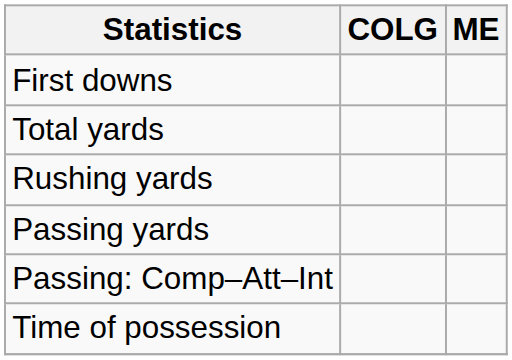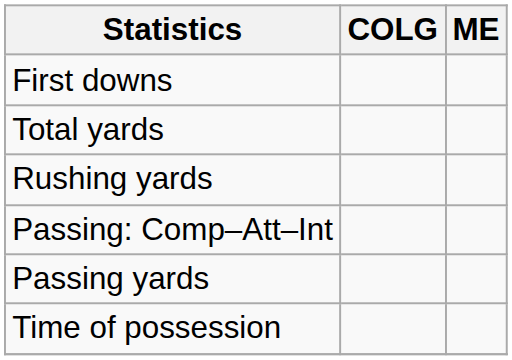 <table class="wikitable" style="float: left;">
 <tr>
 <th>Statistics</th>
 <th>COLG</th>
 <th>ME</th>
 </tr>
 <tr>
 <td>First downs</td>
 <td></td>
 <td></td>
 </tr>
 <tr>
 <td>Total yards</td>
 <td></td>
 <td></td>
 </tr>
 <tr>
 <td>Rushing yards</td>
 <td></td>
 <td></td>
 </tr>
 <tr>
-<td>Passing yards</td>
+<td>Passing: Comp–Att–Int</td>
 <td></td>
 <td></td>
 </tr>
 <tr>
-<td>Passing: Comp–Att–Int</td>
+<td>Passing yards</td>
 <td></td>
 <td></td>
 </tr>
 <tr>
 <td>Time of possession</td>
 <td></td>
 <td></td>
 </tr>
 <tr>
 </tr>
 </table>
